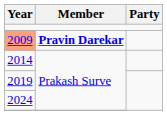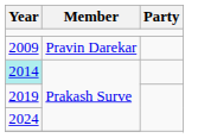 <table class="wikitable">
 <tr>
 <th>Year</th>
 <th>Member</th>
 <th colspan="2">Party</th>
 </tr>
 <tr>
 <td colspan=4></td>
 </tr>
 <tr>
-<td style="background: lightsalmon;"><a href='#'>2009</a></td>
-<td><strong><a href='#'>Pravin Darekar</a></strong></td>
+<td><a href='#'>2009</a></td>
+<td><a href='#'>Pravin Darekar</a></td>
 <td></td>
 </tr>
 <tr>
-<td><a href='#'>2014</a></td>
+<td style="background: paleturquoise;"><a href='#'>2014</a></td>
 <td rowspan="3"><a href='#'>Prakash Surve</a></td>
 <td></td>
 </tr>
 <tr>
 <td><a href='#'>2019</a></td>
 </tr>
 <tr>
 <td><a href='#'>2024</a></td>
 </tr>
 <tr>
 </tr>
 </table>
